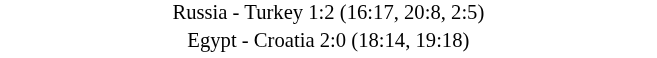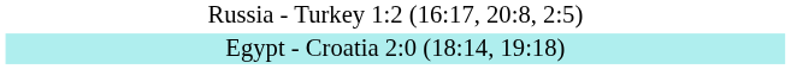 <table style="text-align:center">
 <tr>
 <th width=500></th>
 </tr>
 <tr>
 <td>Russia - Turkey 1:2 (16:17, 20:8, 2:5)</td>
 </tr>
 <tr>
-<td>Egypt - Croatia 2:0 (18:14, 19:18)</td>
+<td style="background: paleturquoise;">Egypt - Croatia 2:0 (18:14, 19:18)</td>
 </tr>
 <tr>
 </tr>
 </table>
